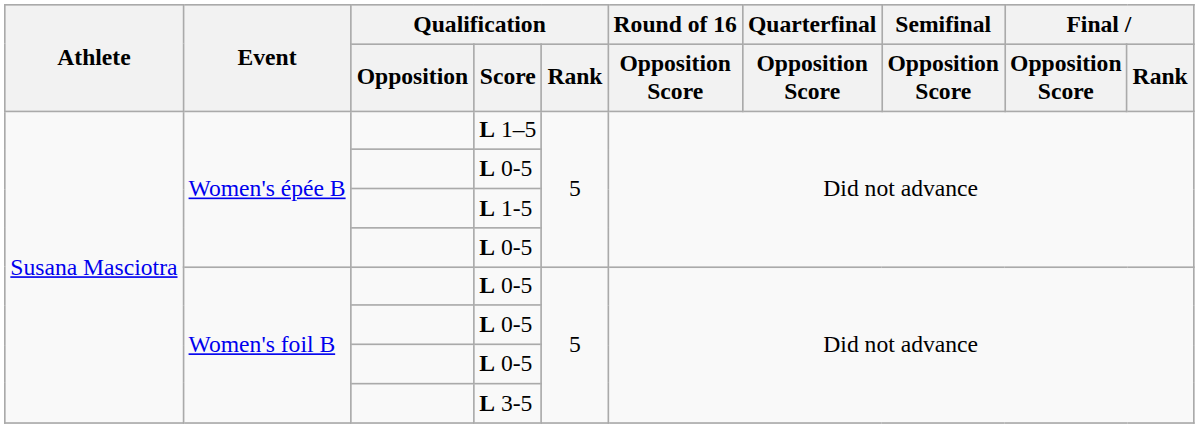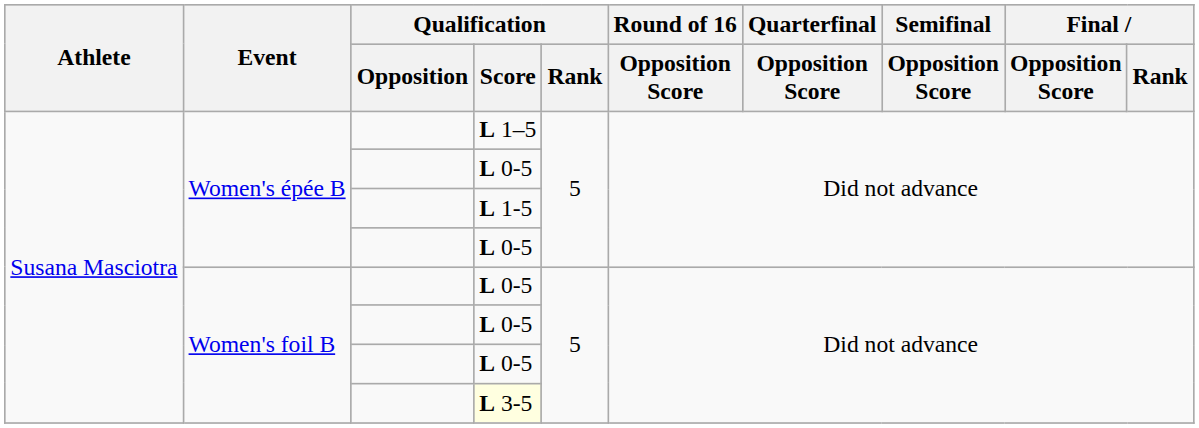 <table class=wikitable style="font-size:90%">
 <tr>
 <th rowspan="2">Athlete</th>
 <th rowspan="2">Event</th>
 <th colspan="3">Qualification</th>
 <th>Round of 16</th>
 <th>Quarterfinal</th>
 <th>Semifinal</th>
 <th colspan="2">Final / </th>
 </tr>
 <tr>
 <th>Opposition</th>
 <th>Score</th>
 <th>Rank</th>
 <th>Opposition<br>Score</th>
 <th>Opposition<br>Score</th>
 <th>Opposition<br>Score</th>
 <th>Opposition<br>Score</th>
 <th>Rank</th>
 </tr>
 <tr>
 <td rowspan=8><a href='#'>Susana Masciotra</a></td>
 <td rowspan=4><a href='#'>Women's épée B</a></td>
 <td></td>
 <td><strong>L</strong> 1–5</td>
 <td align="center" rowspan=4>5</td>
 <td align="center" rowspan=4 colspan=5>Did not advance</td>
 </tr>
 <tr>
 <td></td>
 <td><strong>L</strong> 0-5</td>
 </tr>
 <tr>
 <td></td>
 <td><strong>L</strong> 1-5</td>
 </tr>
 <tr>
 <td></td>
 <td><strong>L</strong> 0-5</td>
 </tr>
 <tr>
 <td rowspan=4><a href='#'>Women's foil B</a></td>
 <td></td>
 <td><strong>L</strong> 0-5</td>
 <td align="center" rowspan=4>5</td>
 <td align="center" rowspan=4 colspan=5>Did not advance</td>
 </tr>
 <tr>
 <td></td>
 <td><strong>L</strong> 0-5</td>
 </tr>
 <tr>
 <td></td>
 <td><strong>L</strong> 0-5</td>
 </tr>
 <tr>
 <td></td>
-<td><strong>L</strong> 3-5</td>
+<td style="background: lightyellow;"><strong>L</strong> 3-5</td>
 </tr>
 </table>
